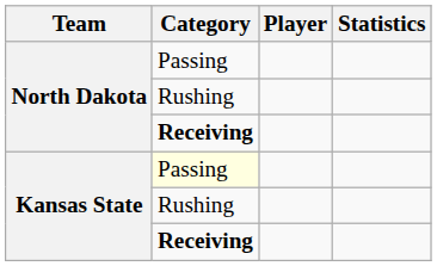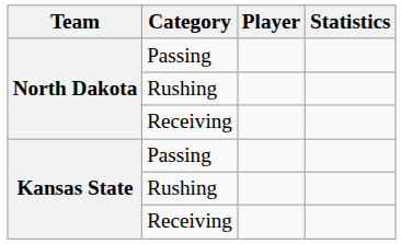 <table class="wikitable" style="float:right">
 <tr>
 <th>Team</th>
 <th>Category</th>
 <th>Player</th>
 <th>Statistics</th>
 </tr>
 <tr>
 <th rowspan=3>North Dakota</th>
 <td>Passing</td>
 <td></td>
 <td></td>
 </tr>
 <tr>
 <td>Rushing</td>
 <td></td>
 <td></td>
 </tr>
 <tr>
-<td><strong>Receiving</strong></td>
+<td>Receiving</td>
 <td></td>
 <td></td>
 </tr>
 <tr>
 <th rowspan=3>Kansas State</th>
-<td style="background: lightyellow;">Passing</td>
+<td>Passing</td>
 <td></td>
 <td></td>
 </tr>
 <tr>
 <td>Rushing</td>
 <td></td>
 <td></td>
 </tr>
 <tr>
-<td><strong>Receiving</strong></td>
+<td>Receiving</td>
 <td></td>
 <td></td>
 </tr>
 </table>
